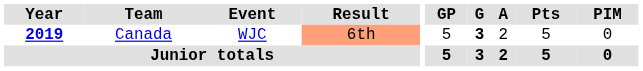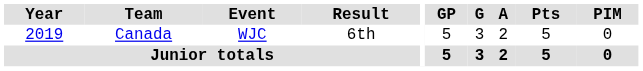 <table border="0" cellpadding="1" cellspacing="0" ID="Table3" style="text-align:center; width:40em">
 <tr style="background:#e0e0e0;">
 <th>Year</th>
 <th>Team</th>
 <th>Event</th>
 <th>Result</th>
 <th rowspan="99" style="background:#fff;"></th>
 <th>GP</th>
 <th>G</th>
 <th>A</th>
 <th>Pts</th>
 <th>PIM</th>
 </tr>
 <tr>
-<td><strong><a href='#'>2019</a></strong></td>
+<td><a href='#'>2019</a></td>
 <td><a href='#'>Canada</a></td>
 <td><a href='#'>WJC</a></td>
-<td style="background: lightsalmon;">6th</td>
+<td>6th</td>
 <td>5</td>
-<td><strong>3</strong></td>
+<td>3</td>
 <td>2</td>
 <td>5</td>
 <td>0</td>
 </tr>
 <tr style="background:#e0e0e0;">
 <th colspan="4">Junior totals</th>
 <th>5</th>
 <th>3</th>
 <th>2</th>
 <th>5</th>
 <th>0</th>
 </tr>
 </table>
